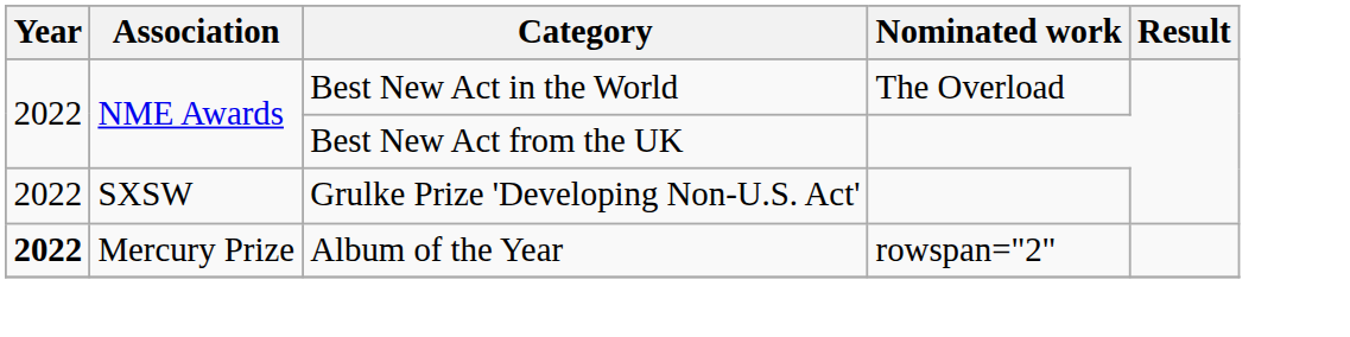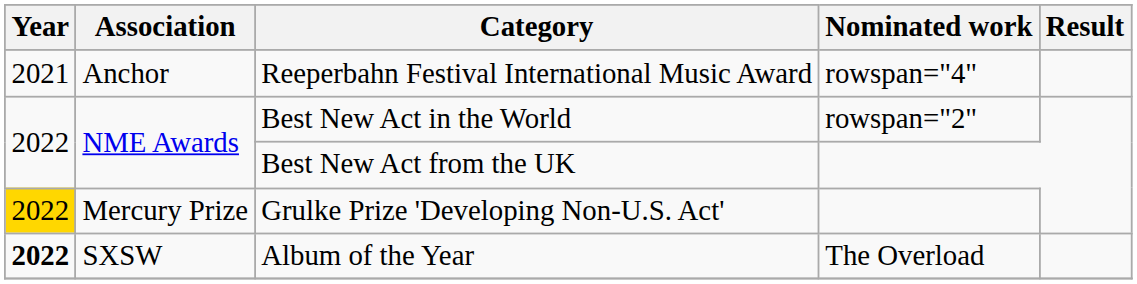 <table class="wikitable plainrowheaders">
 <tr>
 <th>Year</th>
 <th>Association</th>
 <th>Category</th>
 <th>Nominated work</th>
 <th>Result</th>
 </tr>
 <tr>
+<td>2021</td>
+<td>Anchor</td>
+<td>Reeperbahn Festival International Music Award</td>
+<td>rowspan="4" </td>
+<td></td>
+</tr>
+<tr>
 <td rowspan="2">2022</td>
 <td rowspan="2"><a href='#'>NME Awards</a></td>
 <td>Best New Act in the World</td>
-<td>The Overload</td>
+<td>rowspan="2" </td>
 </tr>
 <tr>
 <td>Best New Act from the UK</td>
 </tr>
 <tr>
-<td>2022</td>
-<td>SXSW</td>
+<td style="background: gold;">2022</td>
+<td>Mercury Prize</td>
 <td>Grulke Prize 'Developing Non-U.S. Act'</td>
 <td></td>
 </tr>
 <tr>
 <td><strong>2022</strong></td>
-<td>Mercury Prize</td>
+<td>SXSW</td>
 <td>Album of the Year</td>
-<td>rowspan="2" </td>
+<td>The Overload</td>
 <td></td>
 </tr>
 <tr>
 </tr>
 </table>
